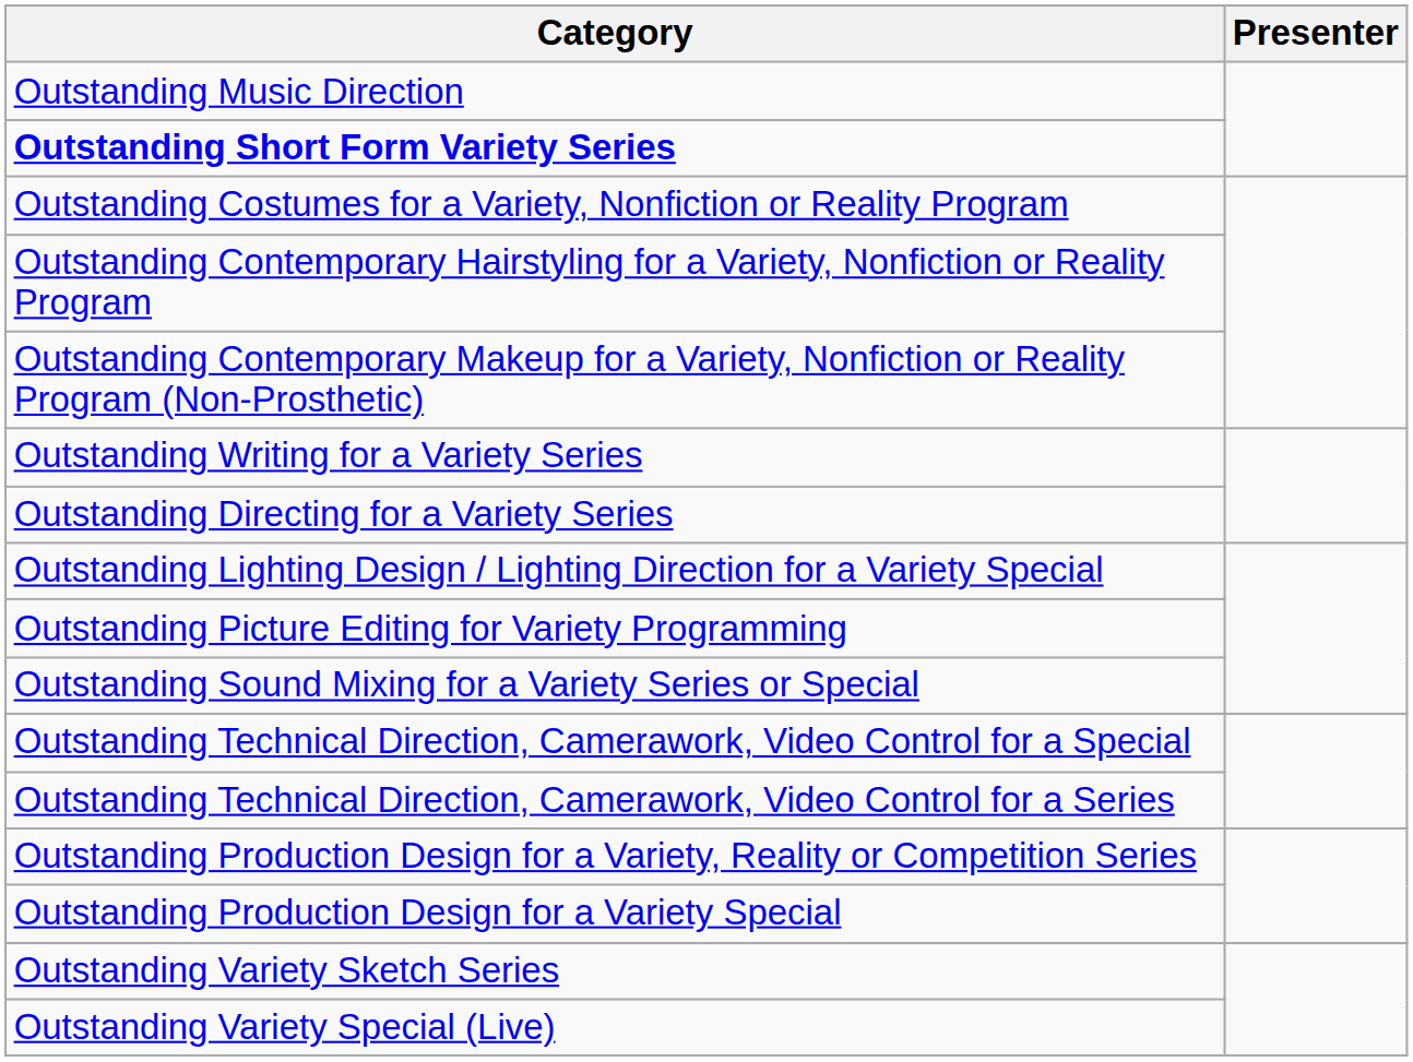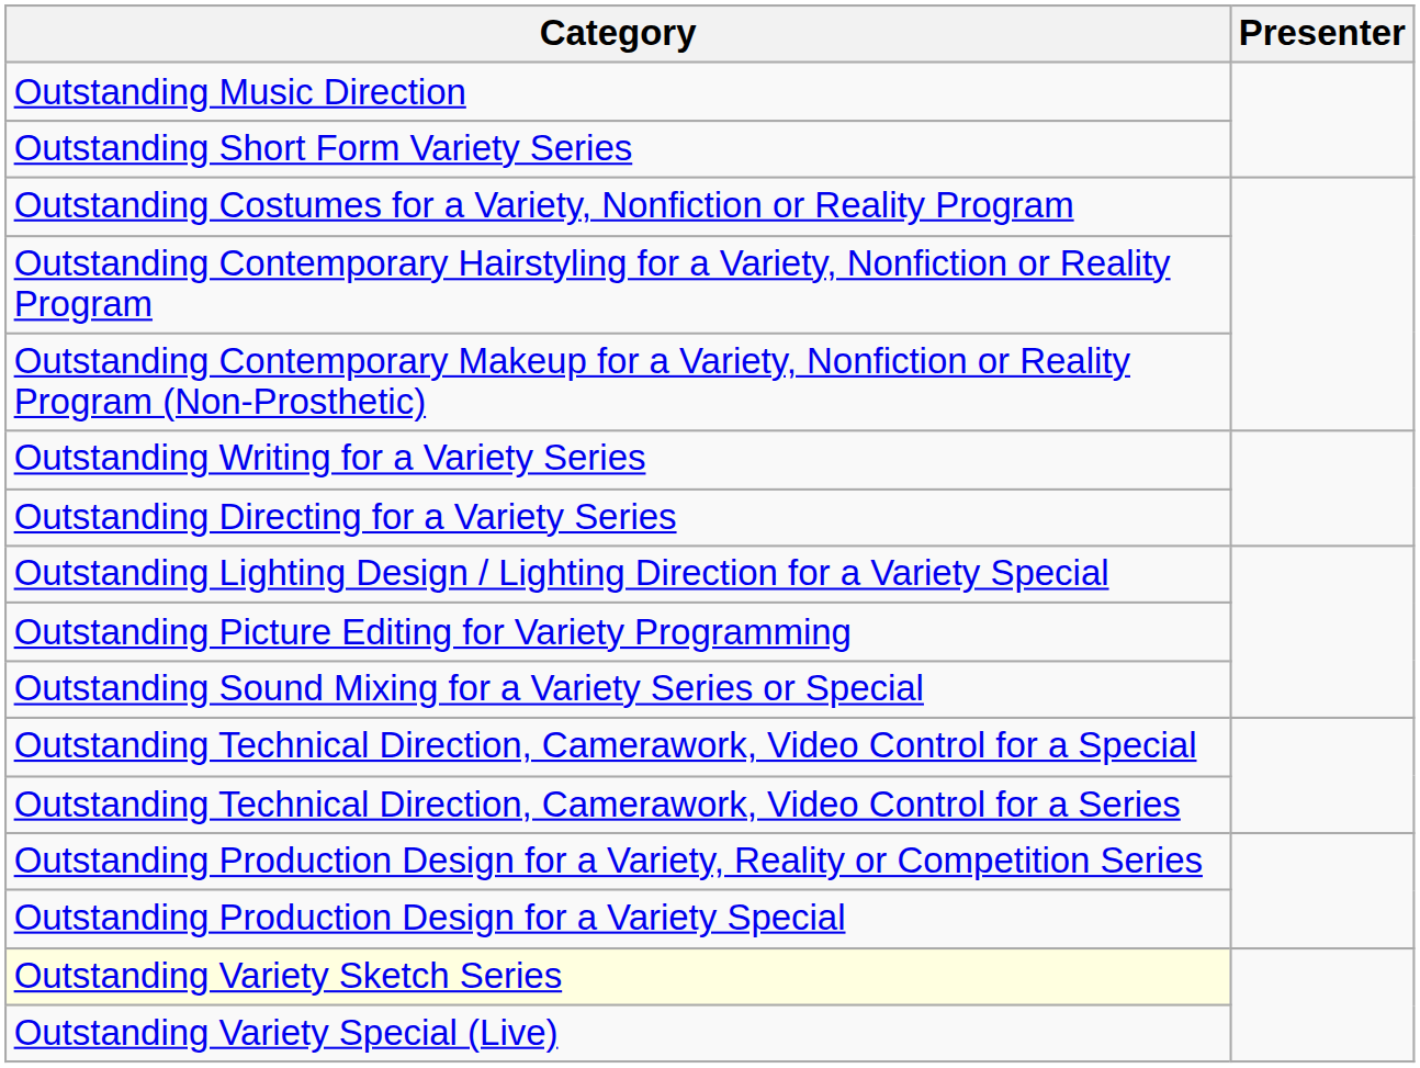 <table class="wikitable sortable" style="max-width:39em">
 <tr>
 <th scope="col">Category</th>
 <th scope="col">Presenter</th>
 </tr>
 <tr>
 <td><a href='#'>Outstanding Music Direction</a></td>
 <td rowspan="2"></td>
 </tr>
 <tr>
-<td><strong><a href='#'>Outstanding Short Form Variety Series</a></strong></td>
+<td><a href='#'>Outstanding Short Form Variety Series</a></td>
 </tr>
 <tr>
 <td><a href='#'>Outstanding Costumes for a Variety, Nonfiction or Reality Program</a></td>
 <td rowspan="3"></td>
 </tr>
 <tr>
 <td><a href='#'>Outstanding Contemporary Hairstyling for a Variety, Nonfiction or Reality Program</a></td>
 </tr>
 <tr>
 <td><a href='#'>Outstanding Contemporary Makeup for a Variety, Nonfiction or Reality Program (Non-Prosthetic)</a></td>
 </tr>
 <tr>
 <td><a href='#'>Outstanding Writing for a Variety Series</a></td>
 <td rowspan="2"></td>
 </tr>
 <tr>
 <td><a href='#'>Outstanding Directing for a Variety Series</a></td>
 </tr>
 <tr>
 <td><a href='#'>Outstanding Lighting Design / Lighting Direction for a Variety Special</a></td>
 <td rowspan="3"></td>
 </tr>
 <tr>
 <td><a href='#'>Outstanding Picture Editing for Variety Programming</a></td>
 </tr>
 <tr>
 <td><a href='#'>Outstanding Sound Mixing for a Variety Series or Special</a></td>
 </tr>
 <tr>
 <td><a href='#'>Outstanding Technical Direction, Camerawork, Video Control for a Special</a></td>
 <td rowspan="2"></td>
 </tr>
 <tr>
 <td><a href='#'>Outstanding Technical Direction, Camerawork, Video Control for a Series</a></td>
 </tr>
 <tr>
 <td><a href='#'>Outstanding Production Design for a Variety, Reality or Competition Series</a></td>
 <td rowspan="2"></td>
 </tr>
 <tr>
 <td><a href='#'>Outstanding Production Design for a Variety Special</a></td>
 </tr>
 <tr>
-<td><a href='#'>Outstanding Variety Sketch Series</a></td>
+<td style="background: lightyellow;"><a href='#'>Outstanding Variety Sketch Series</a></td>
 <td rowspan="2"></td>
 </tr>
 <tr>
 <td><a href='#'>Outstanding Variety Special (Live)</a></td>
 </tr>
 </table>
